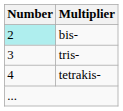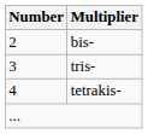 <table class="wikitable">
 <tr>
 <th>Number</th>
 <th>Multiplier</th>
 </tr>
 <tr>
-<td style="background: paleturquoise;">2</td>
+<td>2</td>
 <td>bis-</td>
 </tr>
 <tr>
 <td>3</td>
 <td>tris-</td>
 </tr>
 <tr>
 <td>4</td>
 <td>tetrakis-</td>
 </tr>
 <tr>
 <td colspan=2>...</td>
 </tr>
 </table>
